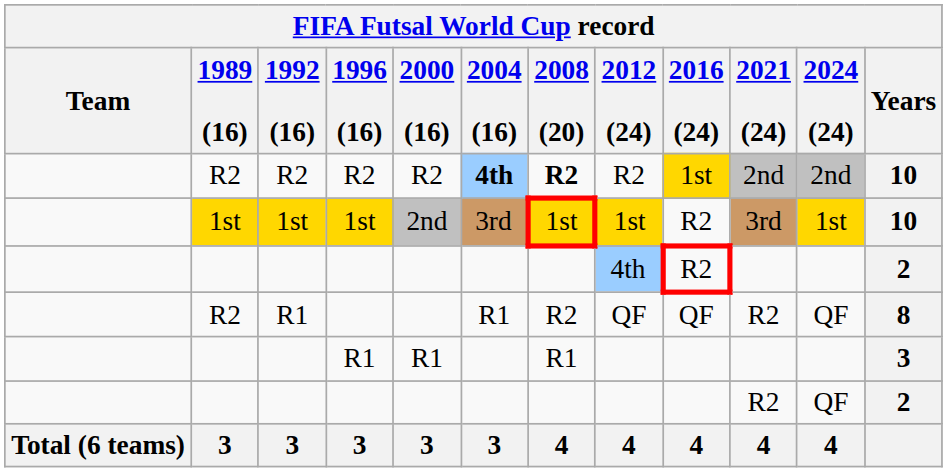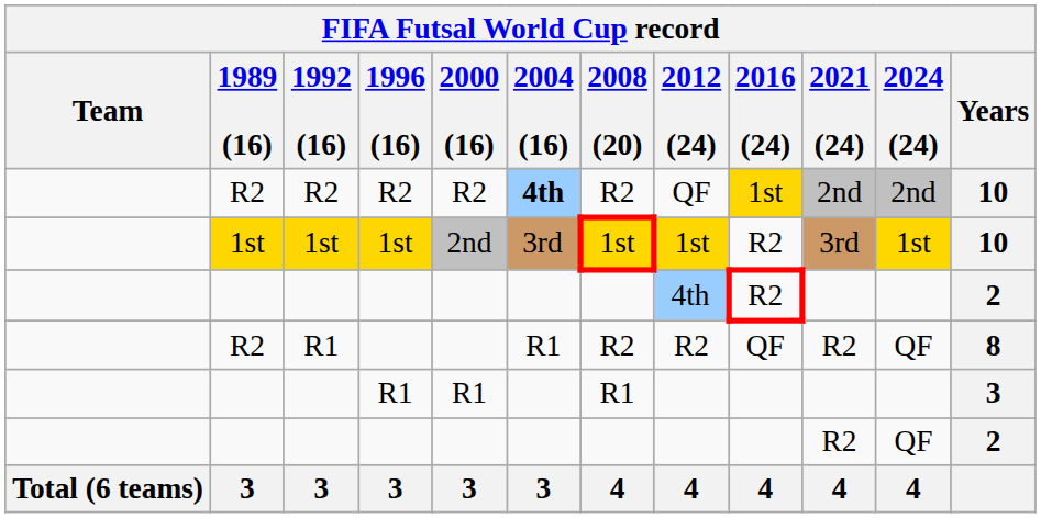 <table class="wikitable" style="text-align:center">
 <tr>
 <th colspan=12><a href='#'>FIFA Futsal World Cup</a> record</th>
 </tr>
 <tr>
 <th>Team</th>
 <th><a href='#'>1989</a><br><br>(16)</th>
 <th><a href='#'>1992</a><br><br>(16)</th>
 <th><a href='#'>1996</a><br><br>(16)</th>
 <th><a href='#'>2000</a><br><br>(16)</th>
 <th><a href='#'>2004</a><br><br>(16)</th>
 <th><a href='#'>2008</a><br><br>(20)</th>
 <th><a href='#'>2012</a><br><br>(24)</th>
 <th><a href='#'>2016</a><br><br>(24)</th>
 <th><a href='#'>2021</a><br><br>(24)</th>
 <th><a href='#'>2024</a><br><br>(24)</th>
 <th>Years</th>
 </tr>
 <tr>
 <td align=left></td>
 <td>R2</td>
 <td>R2</td>
 <td>R2</td>
 <td>R2</td>
 <td bgcolor=9acdff><strong>4th</strong></td>
-<td><strong>R2</strong></td>
 <td>R2</td>
+<td>QF</td>
 <td bgcolor=gold>1st</td>
 <td bgcolor=silver>2nd</td>
 <td bgcolor=silver>2nd</td>
 <th>10</th>
 </tr>
 <tr>
 <td align=left></td>
 <td bgcolor=gold>1st</td>
 <td bgcolor=gold>1st</td>
 <td bgcolor=gold>1st</td>
 <td bgcolor=silver>2nd</td>
 <td bgcolor=cc9966>3rd</td>
 <td bgcolor=gold style="border:3px solid red">1st</td>
 <td bgcolor=gold>1st</td>
 <td>R2</td>
 <td bgcolor=cc9966>3rd</td>
 <td bgcolor=gold>1st</td>
 <th>10</th>
 </tr>
 <tr>
 <td align=left></td>
 <td></td>
 <td></td>
 <td></td>
 <td></td>
 <td></td>
 <td></td>
 <td bgcolor=9acdff>4th</td>
 <td style="border:3px solid red">R2</td>
 <td></td>
 <td></td>
 <th>2</th>
 </tr>
 <tr>
 <td align=left></td>
 <td>R2</td>
 <td>R1</td>
 <td></td>
 <td></td>
 <td>R1</td>
 <td>R2</td>
-<td>QF</td>
+<td>R2</td>
 <td>QF</td>
 <td>R2</td>
 <td>QF</td>
 <th>8</th>
 </tr>
 <tr>
 <td align=left></td>
 <td></td>
 <td></td>
 <td>R1</td>
 <td>R1</td>
 <td></td>
 <td>R1</td>
 <td></td>
 <td></td>
 <td></td>
 <td></td>
 <th>3</th>
 </tr>
 <tr>
 <td align=left></td>
 <td></td>
 <td></td>
 <td></td>
 <td></td>
 <td></td>
 <td></td>
 <td></td>
 <td></td>
 <td>R2</td>
 <td>QF</td>
 <th>2</th>
 </tr>
 <tr>
 <th>Total (6 teams)</th>
 <th>3</th>
 <th>3</th>
 <th>3</th>
 <th>3</th>
 <th>3</th>
 <th>4</th>
 <th>4</th>
 <th>4</th>
 <th>4</th>
 <th>4</th>
 <th></th>
 </tr>
 </table>
